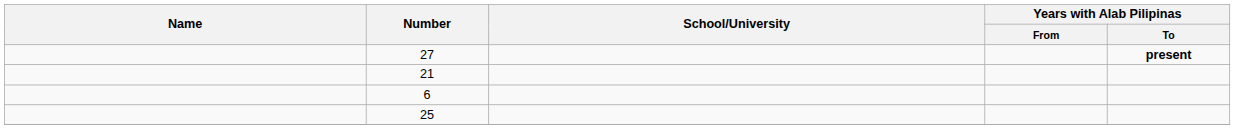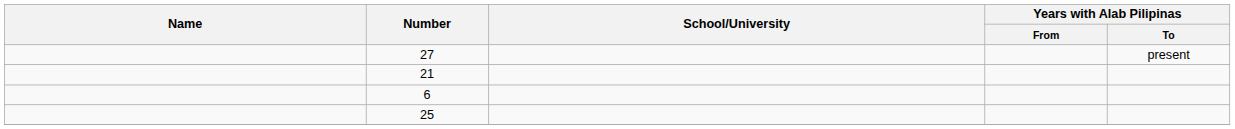 <table class="wikitable sortable" style="text-align:center" width="98%">
 <tr>
 <th style="width:180px;" rowspan="2">Name</th>
 <th style="width:10%;" colspan="2" rowspan="2">Number</th>
 <th style="width:250px;" rowspan="2">School/University</th>
 <th style="width:180px; text-align:center;" colspan="2">Years with Alab Pilipinas</th>
 </tr>
 <tr>
 <th style="width:10%; text-align:center;"><small>From</small></th>
 <th style="width:10%; text-align:center;"><small>To</small></th>
 </tr>
 <tr>
 <td></td>
 <td colspan="2">27</td>
 <td></td>
 <td></td>
-<td><strong>present</strong></td>
+<td>present</td>
 </tr>
 <tr>
 <td></td>
 <td colspan="2">21</td>
 <td></td>
 <td></td>
 <td></td>
 </tr>
 <tr>
 <td></td>
 <td colspan="2">6</td>
 <td></td>
 <td></td>
 <td></td>
 </tr>
 <tr>
 <td></td>
 <td colspan="2">25</td>
 <td></td>
 <td></td>
 <td></td>
 </tr>
 <tr>
 </tr>
 </table>
